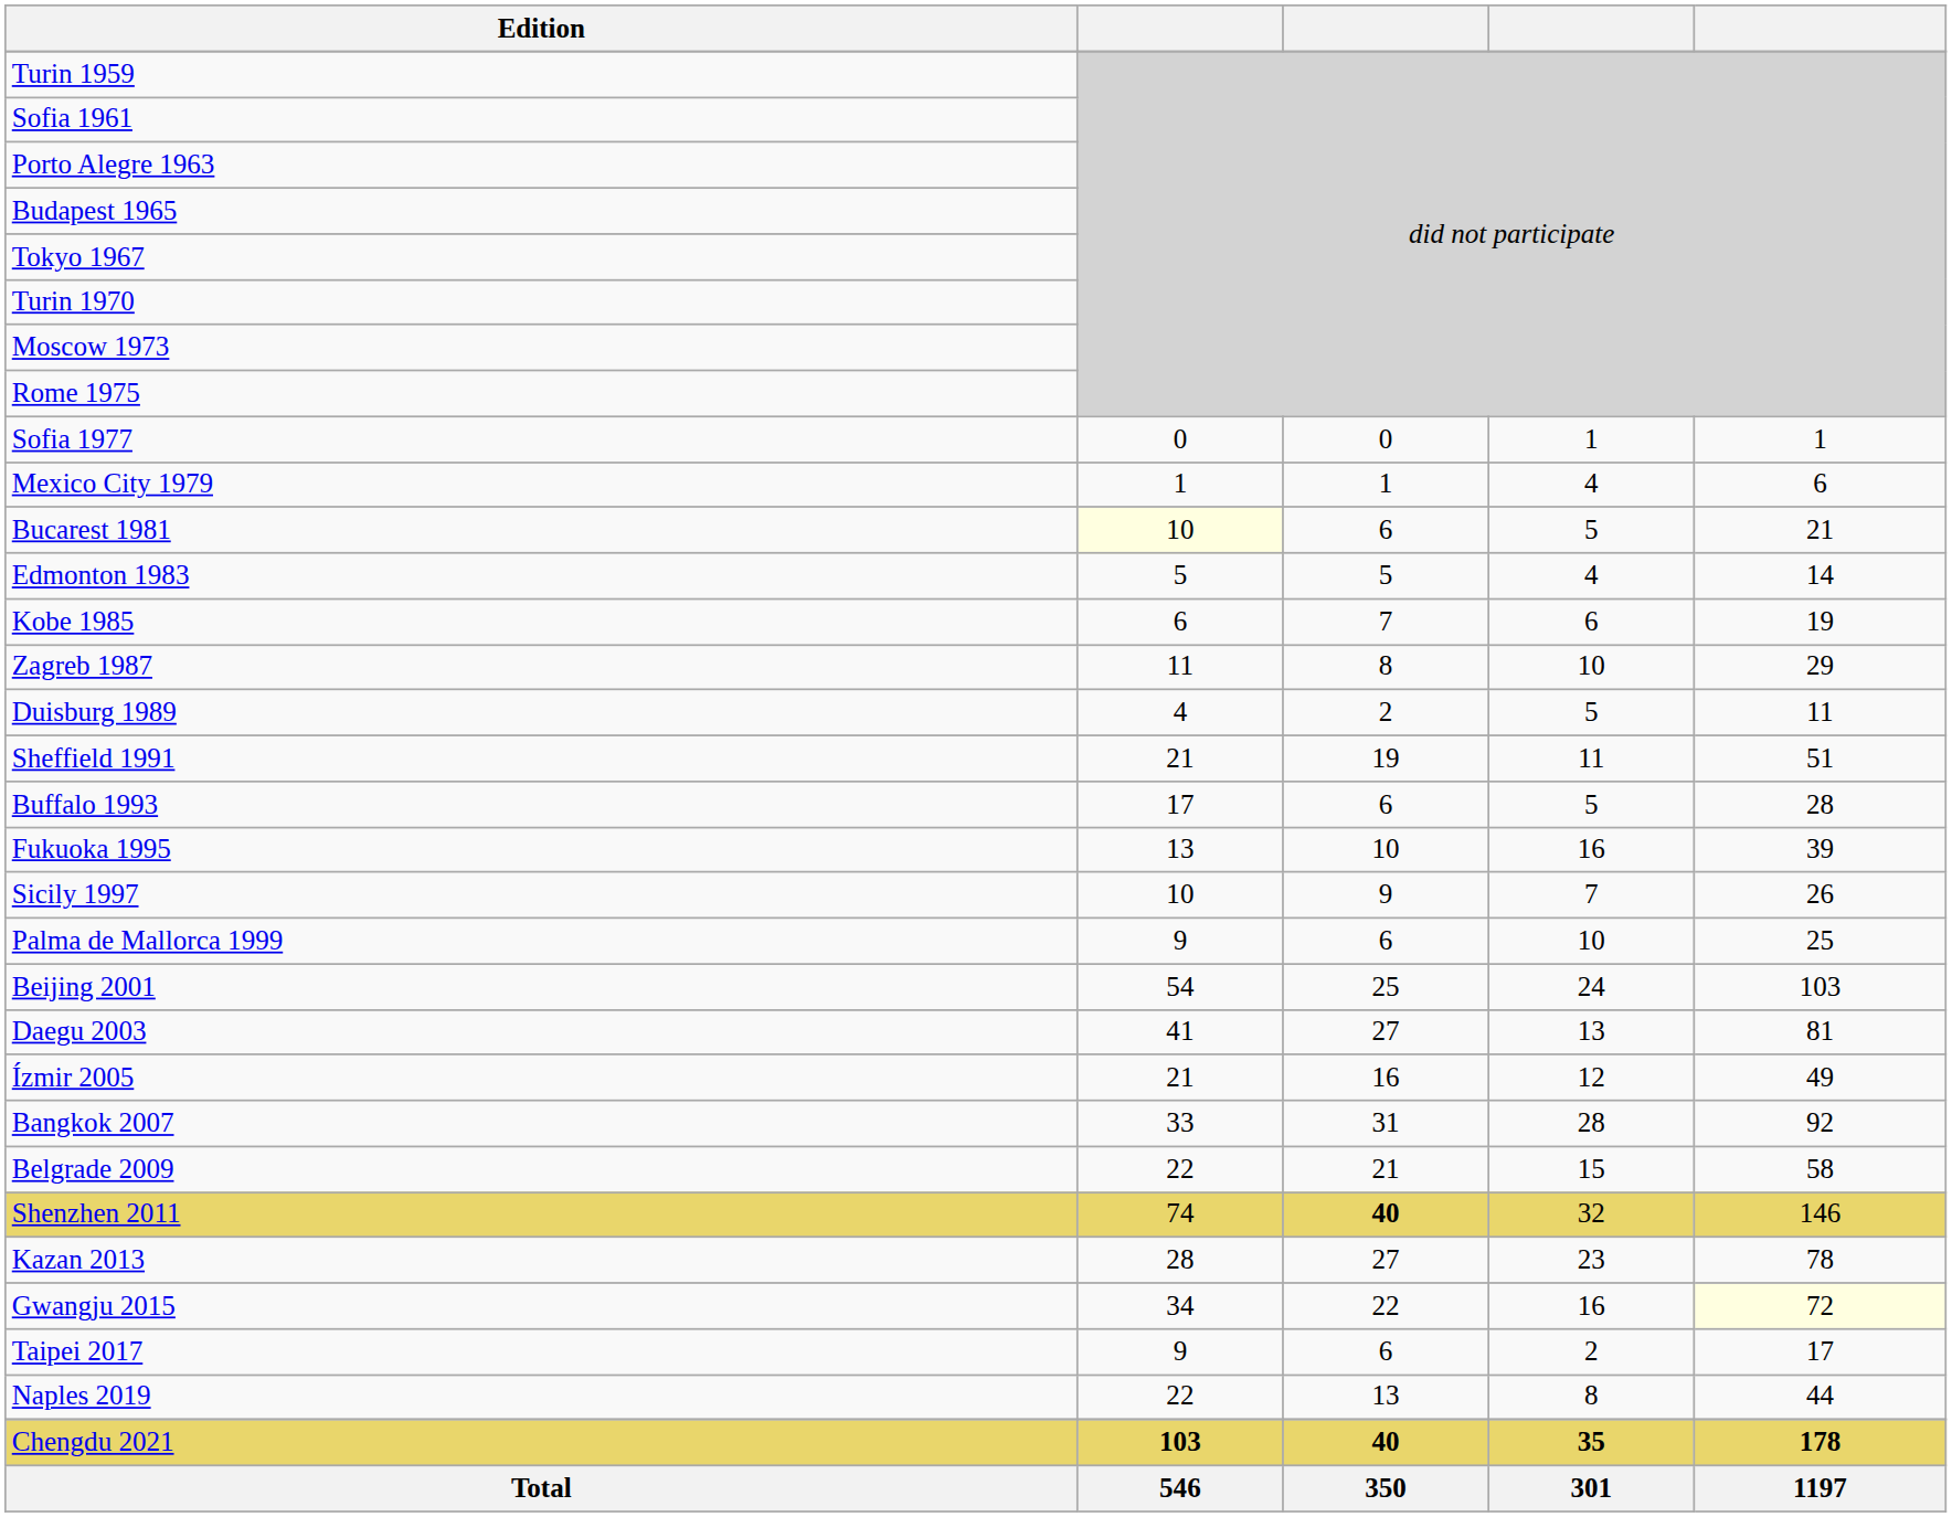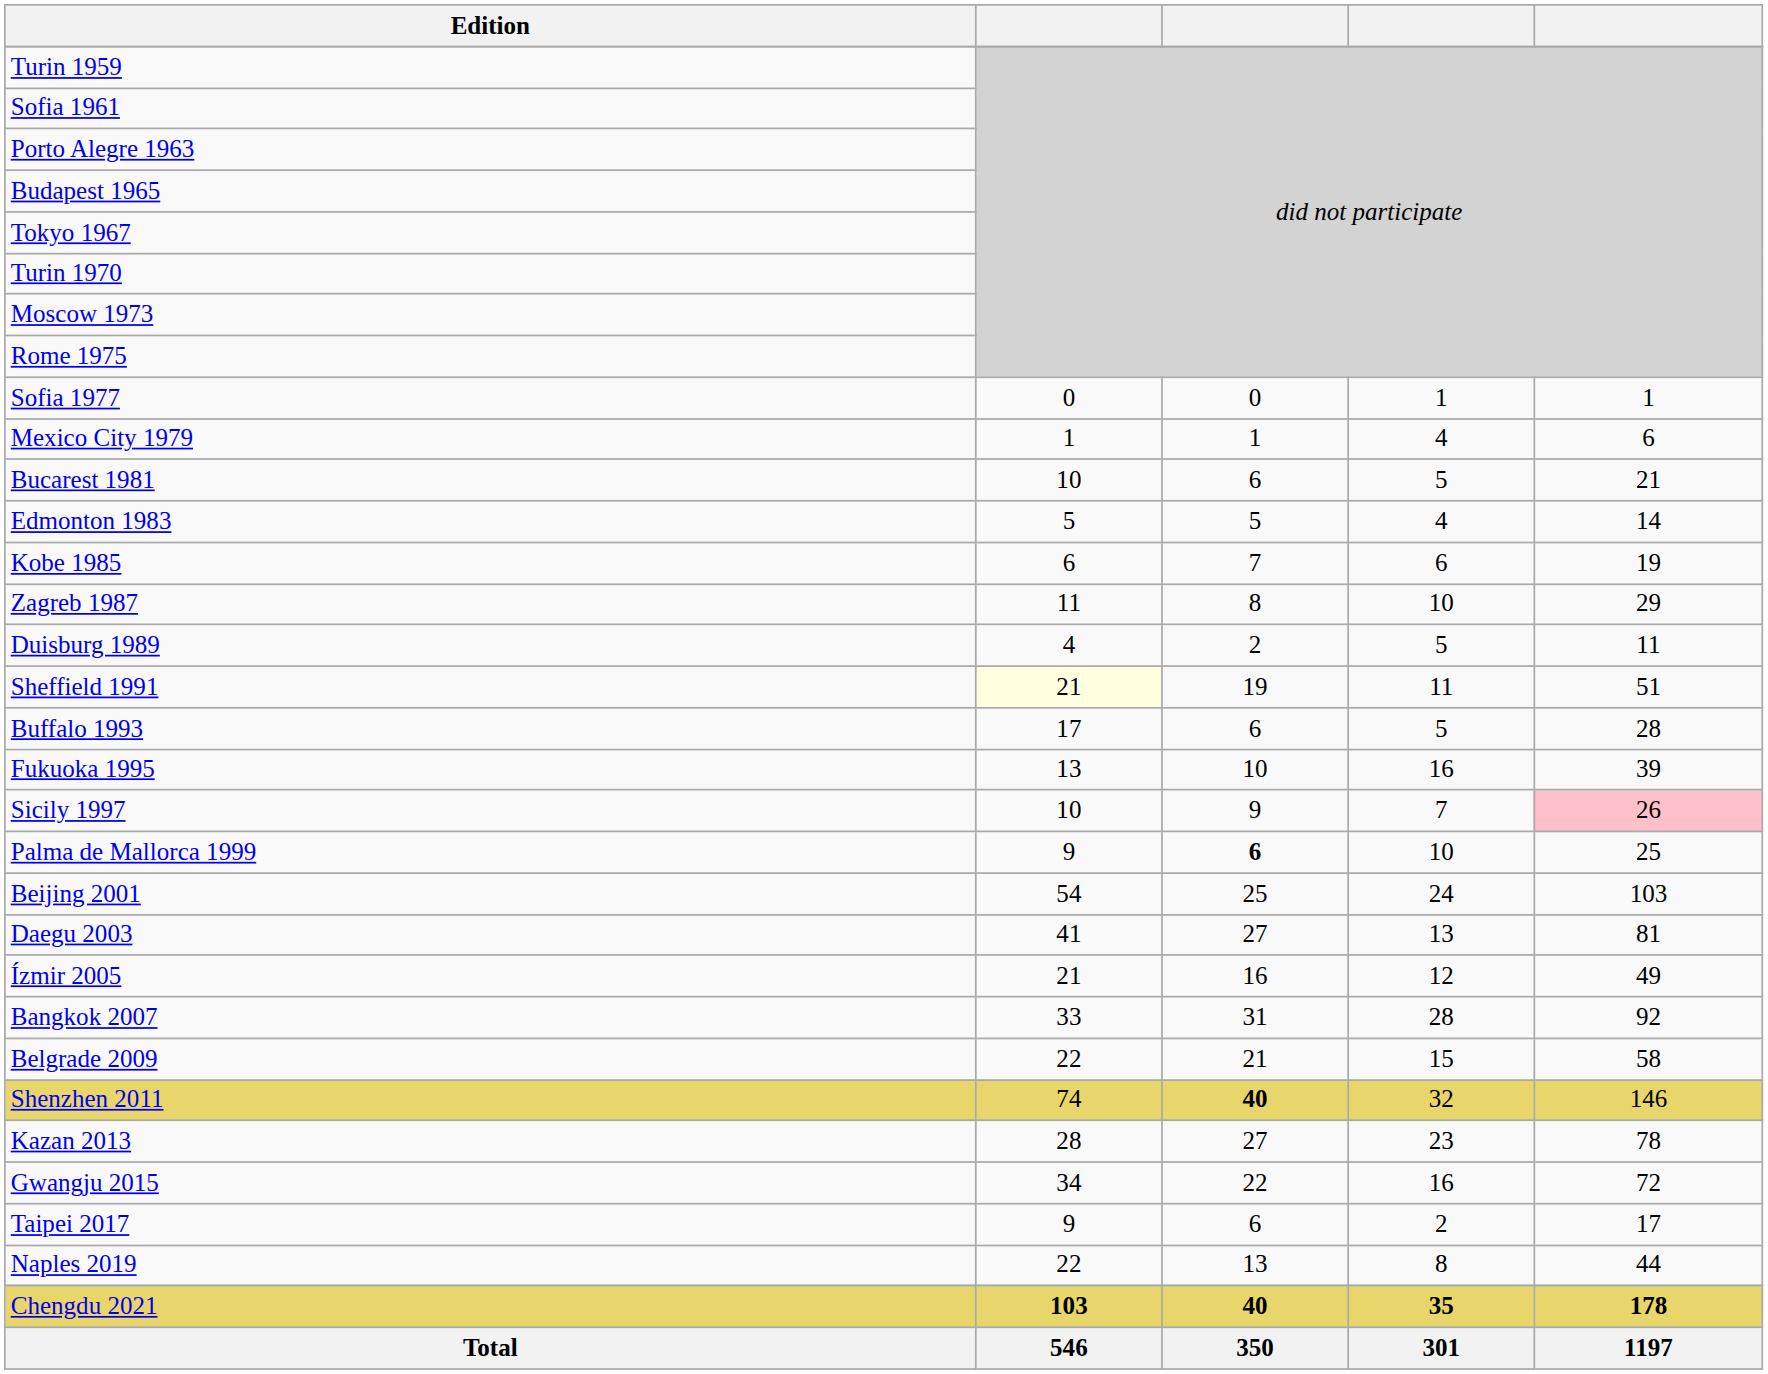 <table class="wikitable" width=80% style="font-size:90%; text-align:center;">
 <tr>
 <th>Edition</th>
 <th></th>
 <th></th>
 <th></th>
 <th></th>
 </tr>
 <tr>
 </tr>
 <tr>
 <td align=left> <a href='#'>Turin 1959</a></td>
 <td rowspan=8 colspan=4 bgcolor=lightgrey><em>did not participate</em></td>
 </tr>
 <tr>
 <td align=left> <a href='#'>Sofia 1961</a></td>
 </tr>
 <tr>
 <td align=left> <a href='#'>Porto Alegre 1963</a></td>
 </tr>
 <tr>
 <td align=left> <a href='#'>Budapest 1965</a></td>
 </tr>
 <tr>
 <td align=left> <a href='#'>Tokyo 1967</a></td>
 </tr>
 <tr>
 <td align=left> <a href='#'>Turin 1970</a></td>
 </tr>
 <tr>
 <td align=left> <a href='#'>Moscow 1973</a></td>
 </tr>
 <tr>
 <td align=left> <a href='#'>Rome 1975</a></td>
 </tr>
 <tr>
 <td align=left> <a href='#'>Sofia 1977</a></td>
 <td>0</td>
 <td>0</td>
 <td>1</td>
 <td>1</td>
 </tr>
 <tr>
 <td align=left> <a href='#'>Mexico City 1979</a></td>
 <td>1</td>
 <td>1</td>
 <td>4</td>
 <td>6</td>
 </tr>
 <tr>
 <td align=left> <a href='#'>Bucarest 1981</a></td>
-<td style="background: lightyellow;">10</td>
+<td>10</td>
 <td>6</td>
 <td>5</td>
 <td>21</td>
 </tr>
 <tr>
 <td align=left> <a href='#'>Edmonton 1983</a></td>
 <td>5</td>
 <td>5</td>
 <td>4</td>
 <td>14</td>
 </tr>
 <tr>
 <td align=left> <a href='#'>Kobe 1985</a></td>
 <td>6</td>
 <td>7</td>
 <td>6</td>
 <td>19</td>
 </tr>
 <tr>
 <td align=left> <a href='#'>Zagreb 1987</a></td>
 <td>11</td>
 <td>8</td>
 <td>10</td>
 <td>29</td>
 </tr>
 <tr>
 <td align=left> <a href='#'>Duisburg 1989</a></td>
 <td>4</td>
 <td>2</td>
 <td>5</td>
 <td>11</td>
 </tr>
 <tr>
 <td align=left> <a href='#'>Sheffield 1991</a></td>
-<td>21</td>
+<td style="background: lightyellow;">21</td>
 <td>19</td>
 <td>11</td>
 <td>51</td>
 </tr>
 <tr>
 <td align=left> <a href='#'>Buffalo 1993</a></td>
 <td>17</td>
 <td>6</td>
 <td>5</td>
 <td>28</td>
 </tr>
 <tr>
 <td align=left> <a href='#'>Fukuoka 1995</a></td>
 <td>13</td>
 <td>10</td>
 <td>16</td>
 <td>39</td>
 </tr>
 <tr>
 <td align=left> <a href='#'>Sicily 1997</a></td>
 <td>10</td>
 <td>9</td>
 <td>7</td>
-<td>26</td>
+<td style="background: pink;">26</td>
 </tr>
 <tr>
 <td align=left> <a href='#'>Palma de Mallorca 1999</a></td>
 <td>9</td>
-<td>6</td>
+<td><strong>6</strong></td>
 <td>10</td>
 <td>25</td>
 </tr>
 <tr -bgcolor=E9D66B>
 <td align=left> <a href='#'>Beijing 2001</a></td>
 <td>54</td>
 <td>25</td>
 <td>24</td>
 <td>103</td>
 </tr>
 <tr>
 <td align=left> <a href='#'>Daegu 2003</a></td>
 <td>41</td>
 <td>27</td>
 <td>13</td>
 <td>81</td>
 </tr>
 <tr>
 <td align=left> <a href='#'>Ízmir 2005</a></td>
 <td>21</td>
 <td>16</td>
 <td>12</td>
 <td>49</td>
 </tr>
 <tr>
 <td align=left> <a href='#'>Bangkok 2007</a></td>
 <td>33</td>
 <td>31</td>
 <td>28</td>
 <td>92</td>
 </tr>
 <tr>
 <td align=left> <a href='#'>Belgrade 2009</a></td>
 <td>22</td>
 <td>21</td>
 <td>15</td>
 <td>58</td>
 </tr>
 <tr bgcolor=E9D66B>
 <td align=left> <a href='#'>Shenzhen 2011</a></td>
 <td>74</td>
 <td><strong>40</strong></td>
 <td>32</td>
 <td>146</td>
 </tr>
 <tr>
 <td align=left> <a href='#'>Kazan 2013</a></td>
 <td>28</td>
 <td>27</td>
 <td>23</td>
 <td>78</td>
 </tr>
 <tr>
 <td align=left> <a href='#'>Gwangju 2015</a></td>
 <td>34</td>
 <td>22</td>
 <td>16</td>
-<td style="background: lightyellow;">72</td>
+<td>72</td>
 </tr>
 <tr>
 <td align=left> <a href='#'>Taipei 2017</a></td>
 <td>9</td>
 <td>6</td>
 <td>2</td>
 <td>17</td>
 </tr>
 <tr>
 <td align=left> <a href='#'>Naples 2019</a></td>
 <td>22</td>
 <td>13</td>
 <td>8</td>
 <td>44</td>
 </tr>
 <tr>
 </tr>
 <tr bgcolor=E9D66B>
 <td align=left> <a href='#'>Chengdu 2021</a></td>
 <td><strong>103</strong></td>
 <td><strong>40</strong></td>
 <td><strong>35</strong></td>
 <td><strong>178</strong></td>
 </tr>
 <tr>
 <th align-right>Total</th>
 <th>546</th>
 <th>350</th>
 <th>301</th>
 <th>1197</th>
 </tr>
 </table>
